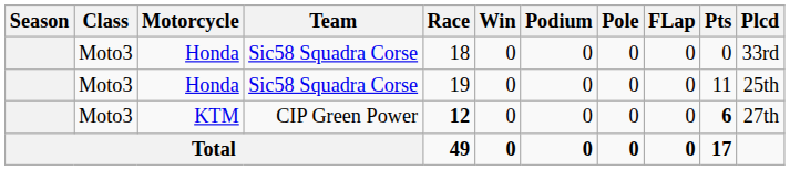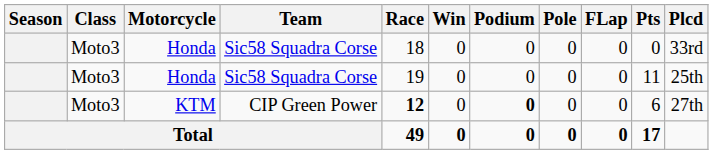 <table class="wikitable" style=text-align:right>
 <tr>
 <th>Season</th>
 <th>Class</th>
 <th>Motorcycle</th>
 <th>Team</th>
 <th>Race</th>
 <th>Win</th>
 <th>Podium</th>
 <th>Pole</th>
 <th>FLap</th>
 <th>Pts</th>
 <th>Plcd</th>
 </tr>
 <tr>
 <th></th>
 <td>Moto3</td>
 <td><a href='#'>Honda</a></td>
 <td><a href='#'>Sic58 Squadra Corse</a></td>
 <td>18</td>
 <td>0</td>
 <td>0</td>
 <td>0</td>
 <td>0</td>
 <td>0</td>
 <td>33rd</td>
 </tr>
 <tr>
 <th></th>
 <td>Moto3</td>
 <td><a href='#'>Honda</a></td>
 <td><a href='#'>Sic58 Squadra Corse</a></td>
 <td>19</td>
 <td>0</td>
 <td>0</td>
 <td>0</td>
 <td>0</td>
 <td>11</td>
 <td>25th</td>
 </tr>
 <tr>
 <th></th>
 <td>Moto3</td>
 <td><a href='#'>KTM</a></td>
 <td>CIP Green Power</td>
 <td><strong>12</strong></td>
 <td>0</td>
+<td><strong>0</strong></td>
 <td>0</td>
 <td>0</td>
-<td>0</td>
-<td><strong>6</strong></td>
+<td>6</td>
 <td>27th</td>
 </tr>
 <tr>
 <th colspan=4>Total</th>
 <td><strong>49</strong></td>
 <td><strong>0</strong></td>
 <td><strong>0</strong></td>
 <td><strong>0</strong></td>
 <td><strong>0</strong></td>
 <td><strong>17</strong></td>
 <td></td>
 </tr>
 </table>
